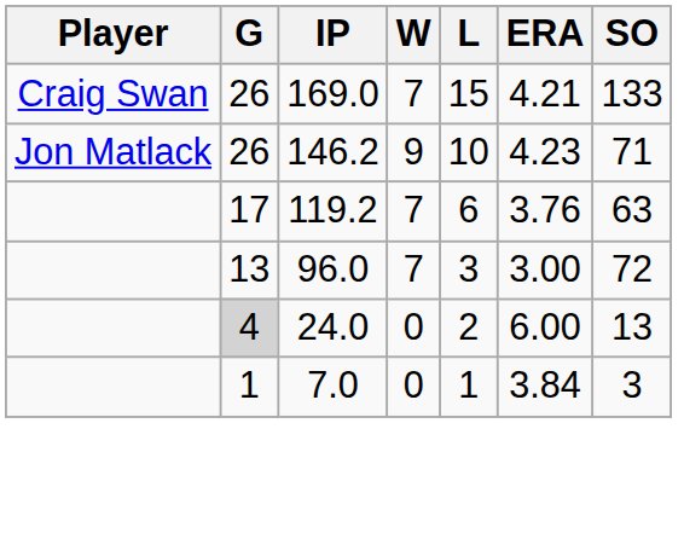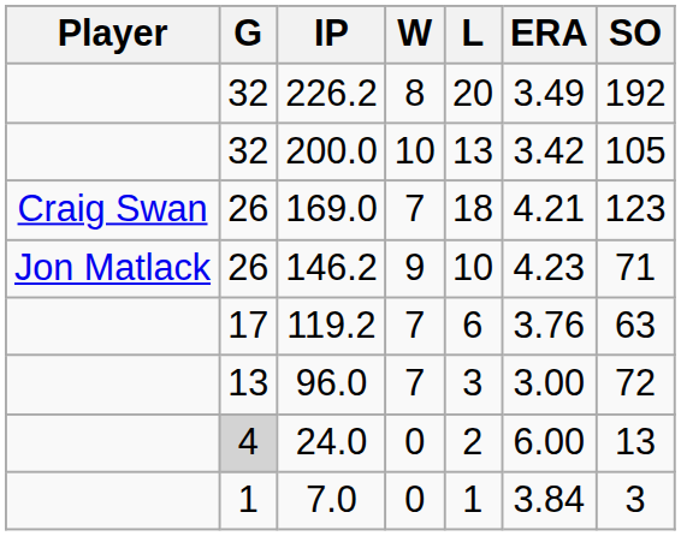 <table class="wikitable sortable">
 <tr>
 <th>Player</th>
 <th>G</th>
 <th>IP</th>
 <th>W</th>
 <th>L</th>
 <th>ERA</th>
 <th>SO</th>
 </tr>
 <tr style="text-align:center;">
+<td></td>
+<td>32</td>
+<td>226.2</td>
+<td>8</td>
+<td>20</td>
+<td>3.49</td>
+<td>192</td>
+</tr>
+<tr style="text-align:center;">
+<td></td>
+<td>32</td>
+<td>200.0</td>
+<td>10</td>
+<td>13</td>
+<td>3.42</td>
+<td>105</td>
+</tr>
+<tr style="text-align:center;">
 <td><a href='#'>Craig Swan</a></td>
 <td>26</td>
 <td>169.0</td>
 <td>7</td>
-<td>15</td>
+<td>18</td>
 <td>4.21</td>
-<td>133</td>
+<td>123</td>
 </tr>
 <tr align=center>
 <td><a href='#'>Jon Matlack</a></td>
 <td>26</td>
 <td>146.2</td>
 <td>9</td>
 <td>10</td>
 <td>4.23</td>
 <td>71</td>
 </tr>
 <tr align=center>
 <td></td>
 <td>17</td>
 <td>119.2</td>
 <td>7</td>
 <td>6</td>
 <td>3.76</td>
 <td>63</td>
 </tr>
 <tr style="text-align:center;">
 <td></td>
 <td>13</td>
 <td>96.0</td>
 <td>7</td>
 <td>3</td>
 <td>3.00</td>
 <td>72</td>
 </tr>
 <tr style="text-align:center;">
 <td></td>
 <td style="background: lightgrey;">4</td>
 <td>24.0</td>
 <td>0</td>
 <td>2</td>
 <td>6.00</td>
 <td>13</td>
 </tr>
 <tr style="text-align:center;">
 <td></td>
 <td>1</td>
 <td>7.0</td>
 <td>0</td>
 <td>1</td>
 <td>3.84</td>
 <td>3</td>
 </tr>
 </table>
